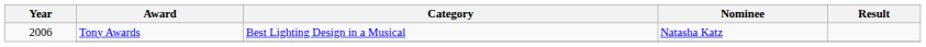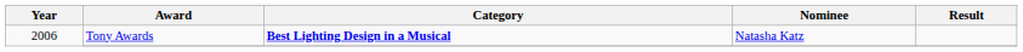 <table class="wikitable" style="width:100%;">
 <tr>
 <th>Year</th>
 <th><strong>Award</strong></th>
 <th><strong>Category</strong></th>
 <th><strong>Nominee</strong></th>
 <th>Result</th>
 </tr>
 <tr>
 <td rowspan="17" style="text-align: center;">2006</td>
 <td><a href='#'>Tony Awards</a></td>
-<td><a href='#'>Best Lighting Design in a Musical</a></td>
+<td><strong><a href='#'>Best Lighting Design in a Musical</a></strong></td>
 <td><a href='#'>Natasha Katz</a></td>
 <td></td>
 </tr>
 <tr>
 </tr>
 </table>
